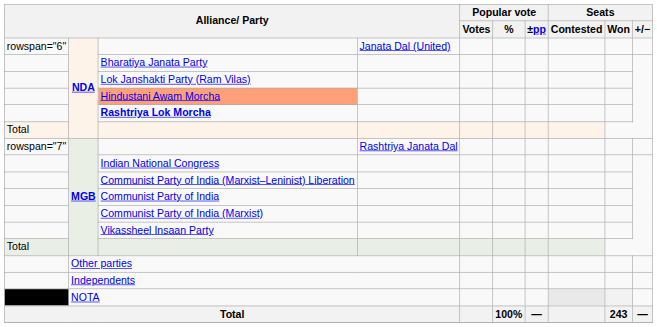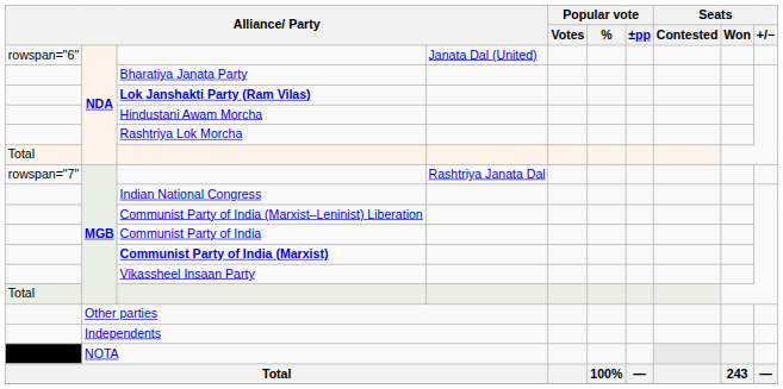 <table class="wikitable sortable">
 <tr>
 <th colspan="4" rowspan="2">Alliance/ Party</th>
 <th colspan="3">Popular vote</th>
 <th colspan="3">Seats</th>
 </tr>
 <tr>
 <th>Votes</th>
 <th>%</th>
 <th>±<a href='#'>pp</a></th>
 <th>Contested</th>
 <th>Won</th>
 <th><strong>+/−</strong></th>
 </tr>
 <tr>
 <td>rowspan="6" </td>
 <th rowspan="6" style="background:#fef3e8"><a href='#'>NDA</a></th>
 <td></td>
 <td><a href='#'>Janata Dal (United)</a></td>
 <td></td>
 <td></td>
 <td></td>
 <td></td>
 <td></td>
 <td></td>
 </tr>
 <tr>
 <td></td>
 <td><a href='#'>Bharatiya Janata Party</a></td>
 <td></td>
 <td></td>
 <td></td>
 <td></td>
 <td></td>
 <td></td>
 </tr>
 <tr>
 <td></td>
-<td><a href='#'>Lok Janshakti Party (Ram Vilas)</a></td>
+<td><strong><a href='#'>Lok Janshakti Party (Ram Vilas)</a></strong></td>
 <td></td>
 <td></td>
 <td></td>
 <td></td>
 <td></td>
 <td></td>
 </tr>
 <tr>
 <td></td>
-<td style="background: lightsalmon;"><a href='#'>Hindustani Awam Morcha</a></td>
+<td><a href='#'>Hindustani Awam Morcha</a></td>
 <td></td>
 <td></td>
 <td></td>
 <td></td>
 <td></td>
 <td></td>
 </tr>
 <tr>
 <td></td>
-<td><strong><a href='#'>Rashtriya Lok Morcha</a></strong></td>
+<td><a href='#'>Rashtriya Lok Morcha</a></td>
 <td></td>
 <td></td>
 <td></td>
 <td></td>
 <td></td>
 <td></td>
 </tr>
 <tr>
 <td colspan="2"style="background:#fef3e8">Total</td>
 <td style="color:inherit;background:#fef3e8"></td>
 <td style="color:inherit;background:#fef3e8"></td>
 <td style="color:inherit;background:#fef3e8"></td>
 <td style="color:inherit;background:#fef3e8"></td>
 <td style="color:inherit;background:#fef3e8"></td>
 <td style="color:inherit;background:#fef3e8"></td>
 </tr>
 <tr>
 <td>rowspan="7" </td>
 <th rowspan="7" style="background:#eaefe5"><a href='#'>MGB</a></th>
 <td></td>
 <td><a href='#'>Rashtriya Janata Dal</a></td>
 <td></td>
 <td></td>
 <td></td>
 <td></td>
 <td></td>
 <td></td>
 </tr>
 <tr>
 <td></td>
 <td><a href='#'>Indian National Congress</a></td>
 <td></td>
 <td></td>
 <td></td>
 <td></td>
 <td></td>
 <td></td>
 </tr>
 <tr>
 <td></td>
 <td><a href='#'>Communist Party of India (Marxist–Leninist) Liberation</a></td>
 <td></td>
 <td></td>
 <td></td>
 <td></td>
 <td></td>
 <td></td>
 </tr>
 <tr>
 <td></td>
 <td><a href='#'>Communist Party of India</a></td>
 <td></td>
 <td></td>
 <td></td>
 <td></td>
 <td></td>
 <td></td>
 </tr>
 <tr>
 <td></td>
-<td><a href='#'>Communist Party of India (Marxist)</a></td>
+<td><strong><a href='#'>Communist Party of India (Marxist)</a></strong></td>
 <td></td>
 <td></td>
 <td></td>
 <td></td>
 <td></td>
 <td></td>
 </tr>
 <tr>
 <td></td>
 <td><a href='#'>Vikassheel Insaan Party</a></td>
 <td></td>
 <td></td>
 <td></td>
 <td></td>
 <td></td>
 <td></td>
 </tr>
 <tr>
 <td colspan="2"style="background:#eaefe5">Total</td>
 <td style="color:inherit;background:#eaefe5"></td>
 <td style="color:inherit;background:#eaefe5"></td>
 <td style="color:inherit;background:#eaefe5"></td>
 <td style="color:inherit;background:#eaefe5"></td>
 <td style="color:inherit;background:#eaefe5"></td>
 <td style="color:inherit;background:#eaefe5"></td>
 </tr>
 <tr>
 <td></td>
 <td colspan="3"><a href='#'>Other parties</a></td>
 <td></td>
 <td></td>
 <td></td>
 <td></td>
 <td></td>
 <td></td>
 </tr>
 <tr>
 <td></td>
 <td colspan="3"><a href='#'>Independents</a></td>
 <td></td>
 <td></td>
 <td></td>
 <td></td>
 <td></td>
 <td></td>
 </tr>
 <tr>
 <td style="background:Black; color:White"></td>
 <td colspan="3"><a href='#'>NOTA</a></td>
 <td></td>
 <td></td>
 <td></td>
 <th style="background-color:#E9E9E9"></th>
 <th></th>
 <td></td>
 </tr>
 <tr>
 <th colspan="4">Total</th>
 <th></th>
 <th>100%</th>
 <th>—</th>
 <th></th>
 <th>243</th>
 <th>—</th>
 </tr>
 <tr>
 </tr>
 </table>
